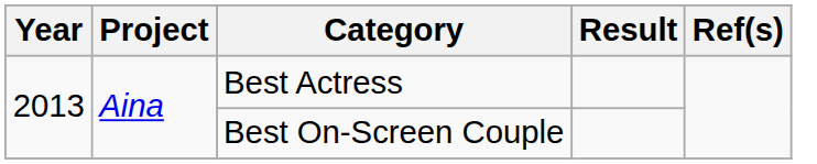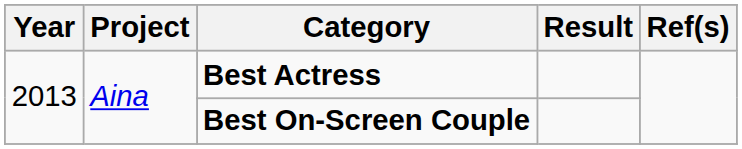 <table class="wikitable style">
 <tr>
 <th>Year</th>
 <th>Project</th>
 <th>Category</th>
 <th>Result</th>
 <th>Ref(s)</th>
 </tr>
 <tr>
 <td rowspan="2">2013</td>
 <td rowspan="2"><em><a href='#'>Aina</a></em></td>
-<td>Best Actress</td>
+<td><strong>Best Actress</strong></td>
 <td></td>
 <td rowspan="2"></td>
 </tr>
 <tr>
-<td>Best On-Screen Couple</td>
+<td><strong>Best On-Screen Couple</strong></td>
 <td></td>
 </tr>
 </table>
